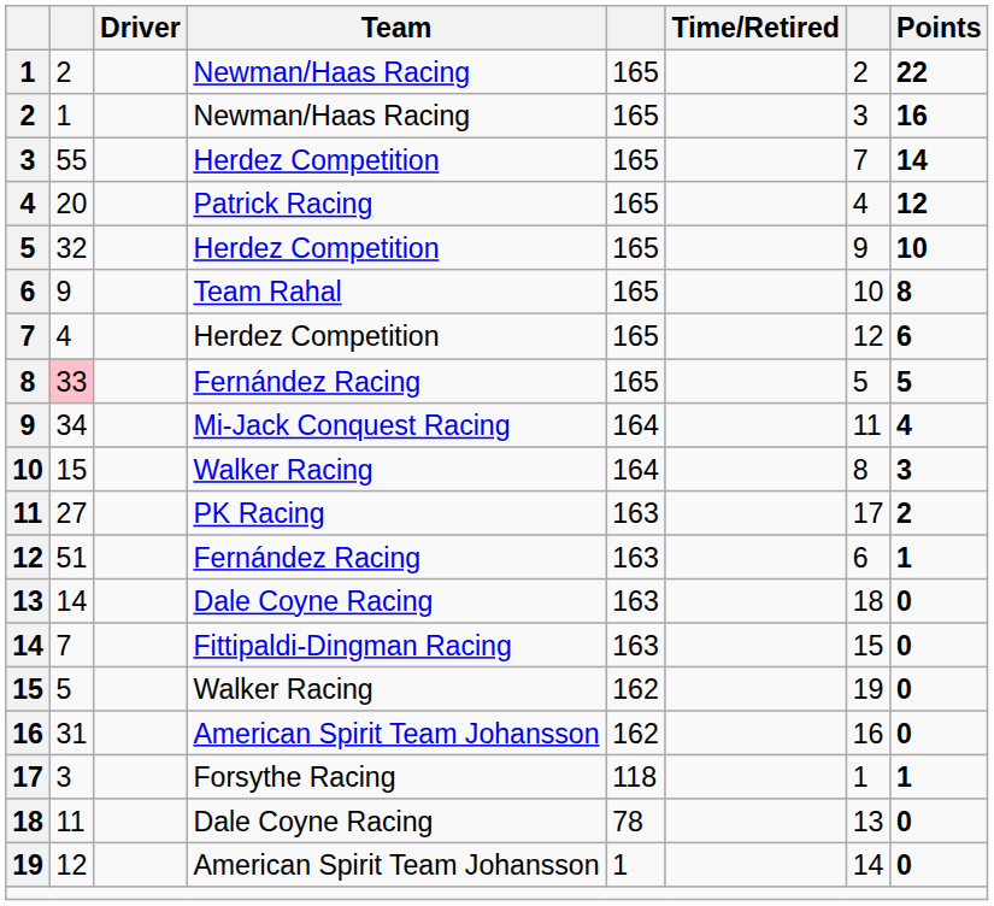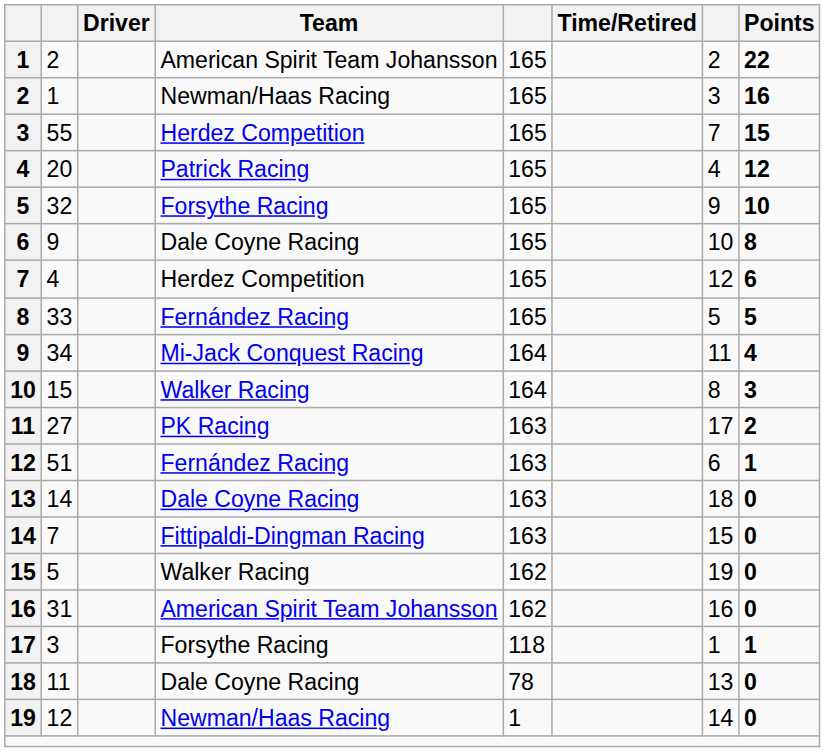 <table class="wikitable sortable" style="font-size:95%;">
 <tr>
 <th scope="col"></th>
 <th scope="col"></th>
 <th scope="col">Driver</th>
 <th scope="col">Team</th>
 <th scope="col"></th>
 <th scope="col">Time/Retired</th>
 <th scope="col"></th>
 <th scope="col">Points</th>
 </tr>
 <tr>
 <th scope="row">1</th>
 <td>2</td>
 <td data-sort-value="BOU"></td>
-<td><a href='#'>Newman/Haas Racing</a></td>
+<td>American Spirit Team Johansson</td>
 <td>165</td>
 <td></td>
 <td>2</td>
 <td><strong>22</strong></td>
 </tr>
 <tr>
 <th scope="row">2</th>
 <td>1</td>
 <td data-sort-value="JUN"></td>
 <td>Newman/Haas Racing</td>
 <td>165</td>
 <td></td>
 <td>3</td>
 <td><strong>16</strong></td>
 </tr>
 <tr>
 <th scope="row">3</th>
 <td>55</td>
 <td data-sort-value="DOM"></td>
 <td><a href='#'>Herdez Competition</a></td>
 <td>165</td>
 <td></td>
 <td>7</td>
-<td><strong>14</strong></td>
+<td><strong>15</strong></td>
 </tr>
 <tr>
 <th scope="row">4</th>
 <td>20</td>
 <td data-sort-value="SER"></td>
 <td><a href='#'>Patrick Racing</a></td>
 <td>165</td>
 <td></td>
 <td>4</td>
 <td><strong>12</strong></td>
 </tr>
 <tr>
 <th scope="row">5</th>
 <td>32</td>
 <td data-sort-value="CAR"></td>
-<td><a href='#'>Herdez Competition</a></td>
+<td><a href='#'>Forsythe Racing</a></td>
 <td>165</td>
 <td></td>
 <td>9</td>
 <td><strong>10</strong></td>
 </tr>
 <tr>
 <th scope="row">6</th>
 <td>9</td>
 <td data-sort-value="JOU"></td>
-<td><a href='#'>Team Rahal</a></td>
+<td>Dale Coyne Racing</td>
 <td>165</td>
 <td></td>
 <td>10</td>
 <td><strong>8</strong></td>
 </tr>
 <tr>
 <th scope="row">7</th>
 <td>4</td>
 <td data-sort-value="MOR"></td>
 <td>Herdez Competition</td>
 <td>165</td>
 <td></td>
 <td>12</td>
 <td><strong>6</strong></td>
 </tr>
 <tr>
 <th scope="row">8</th>
-<td style="background: pink;">33</td>
+<td>33</td>
 <td data-sort-value="TAG"></td>
 <td><a href='#'>Fernández Racing</a></td>
 <td>165</td>
 <td></td>
 <td>5</td>
 <td><strong>5</strong></td>
 </tr>
 <tr>
 <th scope="row">9</th>
 <td>34</td>
 <td data-sort-value="HAB"></td>
 <td><a href='#'>Mi-Jack Conquest Racing</a></td>
 <td>164</td>
 <td></td>
 <td>11</td>
 <td><strong>4</strong></td>
 </tr>
 <tr>
 <th scope="row">10</th>
 <td>15</td>
 <td data-sort-value="MAG"></td>
 <td><a href='#'>Walker Racing</a></td>
 <td>164</td>
 <td></td>
 <td>8</td>
 <td><strong>3</strong></td>
 </tr>
 <tr>
 <th scope="row">11</th>
 <td>27</td>
 <td data-sort-value="LEM"></td>
 <td><a href='#'>PK Racing</a></td>
 <td>163</td>
 <td></td>
 <td>17</td>
 <td><strong>2</strong></td>
 </tr>
 <tr>
 <th scope="row">12</th>
 <td>51</td>
 <td data-sort-value="FER"></td>
 <td><a href='#'>Fernández Racing</a></td>
 <td>163</td>
 <td></td>
 <td>6</td>
 <td><strong>1</strong></td>
 </tr>
 <tr>
 <th scope="row">13</th>
 <td>14</td>
 <td data-sort-value="CAM"></td>
 <td><a href='#'>Dale Coyne Racing</a></td>
 <td>163</td>
 <td></td>
 <td>18</td>
 <td><strong>0</strong></td>
 </tr>
 <tr>
 <th scope="row">14</th>
 <td>7</td>
 <td data-sort-value="MON"></td>
 <td><a href='#'>Fittipaldi-Dingman Racing</a></td>
 <td>163</td>
 <td></td>
 <td>15</td>
 <td><strong>0</strong></td>
 </tr>
 <tr>
 <th scope="row">15</th>
 <td>5</td>
 <td data-sort-value="LAV"></td>
 <td>Walker Racing</td>
 <td>162</td>
 <td></td>
 <td>19</td>
 <td><strong>0</strong></td>
 </tr>
 <tr>
 <th scope="row">16</th>
 <td>31</td>
 <td data-sort-value="HUN"></td>
 <td><a href='#'>American Spirit Team Johansson</a></td>
 <td>162</td>
 <td></td>
 <td>16</td>
 <td><strong>0</strong></td>
 </tr>
 <tr>
 <th scope="row">17</th>
 <td>3</td>
 <td data-sort-value="TRA"></td>
 <td>Forsythe Racing</td>
 <td>118</td>
 <td></td>
 <td>1</td>
 <td><strong>1</strong></td>
 </tr>
 <tr>
 <th scope="row">18</th>
 <td>11</td>
 <td data-sort-value="YOO"></td>
 <td>Dale Coyne Racing</td>
 <td>78</td>
 <td></td>
 <td>13</td>
 <td><strong>0</strong></td>
 </tr>
 <tr>
 <th scope="row">19</th>
 <td>12</td>
 <td data-sort-value="VAS"></td>
-<td>American Spirit Team Johansson</td>
+<td><a href='#'>Newman/Haas Racing</a></td>
 <td>1</td>
 <td></td>
 <td>14</td>
 <td><strong>0</strong></td>
 </tr>
 <tr class="sortbottom">
 <td colspan="8"></td>
 </tr>
 </table>
